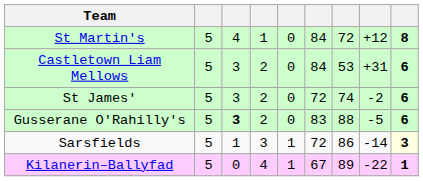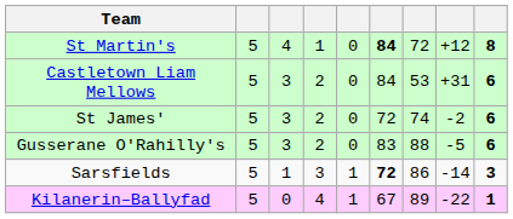 <table class="wikitable" style="text-align:center">
 <tr>
 <th style="width:175px;">Team</th>
 <th width="20"></th>
 <th width="20"></th>
 <th width="20"></th>
 <th width="20"></th>
 <th width="20"></th>
 <th width="20"></th>
 <th width="20"></th>
 <th width="20"></th>
 </tr>
 <tr style="background:#cfc;">
 <td><a href='#'>St Martin's</a></td>
 <td>5</td>
 <td>4</td>
 <td>1</td>
 <td>0</td>
-<td>84</td>
+<td><strong>84</strong></td>
 <td>72</td>
 <td>+12</td>
 <td><strong>8</strong></td>
 </tr>
 <tr style="background:#cfc;">
 <td><a href='#'>Castletown Liam Mellows</a></td>
 <td>5</td>
 <td>3</td>
 <td>2</td>
 <td>0</td>
 <td>84</td>
 <td>53</td>
 <td>+31</td>
 <td><strong>6</strong></td>
 </tr>
 <tr style="background:#cfc;">
 <td>St James'</td>
 <td>5</td>
 <td>3</td>
 <td>2</td>
 <td>0</td>
 <td>72</td>
 <td>74</td>
 <td>-2</td>
 <td><strong>6</strong></td>
 </tr>
 <tr style="background:#cfc;">
 <td>Gusserane O'Rahilly's</td>
 <td>5</td>
-<td><strong>3</strong></td>
+<td>3</td>
 <td>2</td>
 <td>0</td>
 <td>83</td>
 <td>88</td>
 <td>-5</td>
 <td><strong>6</strong></td>
 </tr>
 <tr>
 <td>Sarsfields</td>
 <td>5</td>
 <td>1</td>
 <td>3</td>
 <td>1</td>
-<td>72</td>
+<td><strong>72</strong></td>
 <td>86</td>
 <td>-14</td>
-<td style="background: lightyellow;"><strong>3</strong></td>
+<td><strong>3</strong></td>
 </tr>
 <tr style="background:#fcf;">
 <td><a href='#'>Kilanerin–Ballyfad</a></td>
 <td>5</td>
 <td>0</td>
 <td>4</td>
 <td>1</td>
 <td>67</td>
 <td>89</td>
 <td>-22</td>
 <td><strong>1</strong></td>
 </tr>
 </table>
